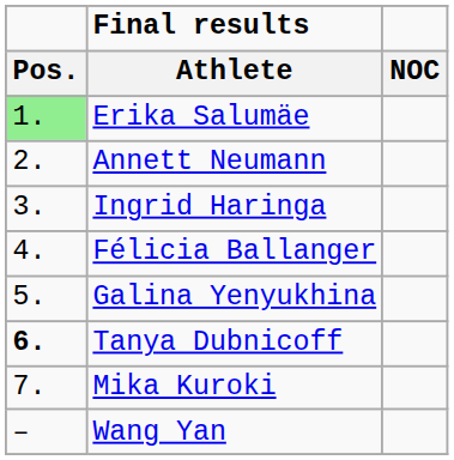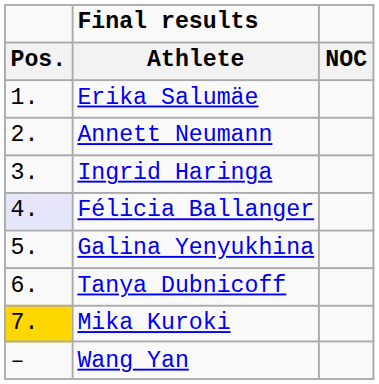 <table class="wikitable" style="font-size:95%;">
 <tr>
 <td></td>
 <td><strong>Final results</strong></td>
 </tr>
 <tr>
 <th>Pos.</th>
 <th>Athlete</th>
 <th>NOC</th>
 </tr>
 <tr>
-<td style="background: lightgreen;">1.</td>
+<td>1.</td>
 <td><a href='#'>Erika Salumäe</a></td>
 <td></td>
 </tr>
 <tr>
 <td>2.</td>
 <td><a href='#'>Annett Neumann</a></td>
 <td></td>
 </tr>
 <tr>
 <td>3.</td>
 <td><a href='#'>Ingrid Haringa</a></td>
 <td></td>
 </tr>
 <tr>
-<td>4.</td>
+<td style="background: lavender;">4.</td>
 <td><a href='#'>Félicia Ballanger</a></td>
 <td></td>
 </tr>
 <tr>
 <td>5.</td>
 <td><a href='#'>Galina Yenyukhina</a></td>
 <td></td>
 </tr>
 <tr>
-<td><strong>6.</strong></td>
+<td>6.</td>
 <td><a href='#'>Tanya Dubnicoff</a></td>
 <td></td>
 </tr>
 <tr>
-<td>7.</td>
+<td style="background: gold;">7.</td>
 <td><a href='#'>Mika Kuroki</a></td>
 <td></td>
 </tr>
 <tr>
 <td>–</td>
 <td><a href='#'>Wang Yan</a></td>
 <td></td>
 </tr>
 </table>
